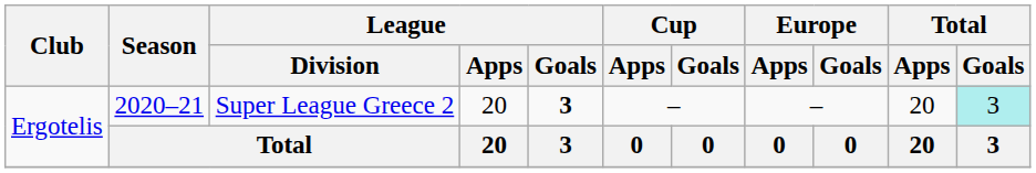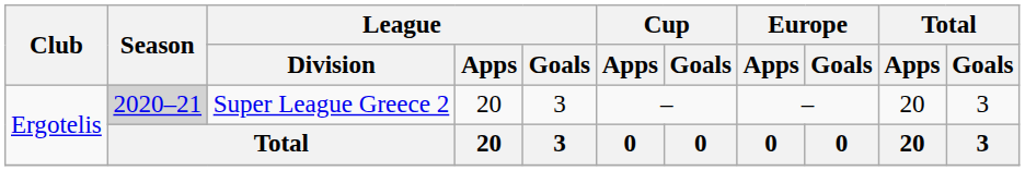 <table class="wikitable" style="text-align: center;">
 <tr>
 <th rowspan="2">Club</th>
 <th rowspan="2">Season</th>
 <th colspan="3">League</th>
 <th colspan="2">Cup</th>
 <th colspan="2">Europe</th>
 <th colspan="2">Total</th>
 </tr>
 <tr>
 <th>Division</th>
 <th>Apps</th>
 <th>Goals</th>
 <th>Apps</th>
 <th>Goals</th>
 <th>Apps</th>
 <th>Goals</th>
 <th>Apps</th>
 <th>Goals</th>
 </tr>
 <tr>
 <td rowspan="2" valign="center"><a href='#'>Ergotelis</a></td>
-<td><a href='#'>2020–21</a></td>
+<td style="background: lightgrey;"><a href='#'>2020–21</a></td>
 <td rowspan="1"><a href='#'>Super League Greece 2</a></td>
 <td>20</td>
-<td><strong>3</strong></td>
+<td>3</td>
 <td colspan="2">–</td>
 <td colspan="2">–</td>
 <td>20</td>
-<td style="background: paleturquoise;">3</td>
+<td>3</td>
 </tr>
 <tr>
 <th colspan="2">Total</th>
 <th>20</th>
 <th>3</th>
 <th>0</th>
 <th>0</th>
 <th>0</th>
 <th>0</th>
 <th>20</th>
 <th>3</th>
 </tr>
 <tr>
 </tr>
 </table>
